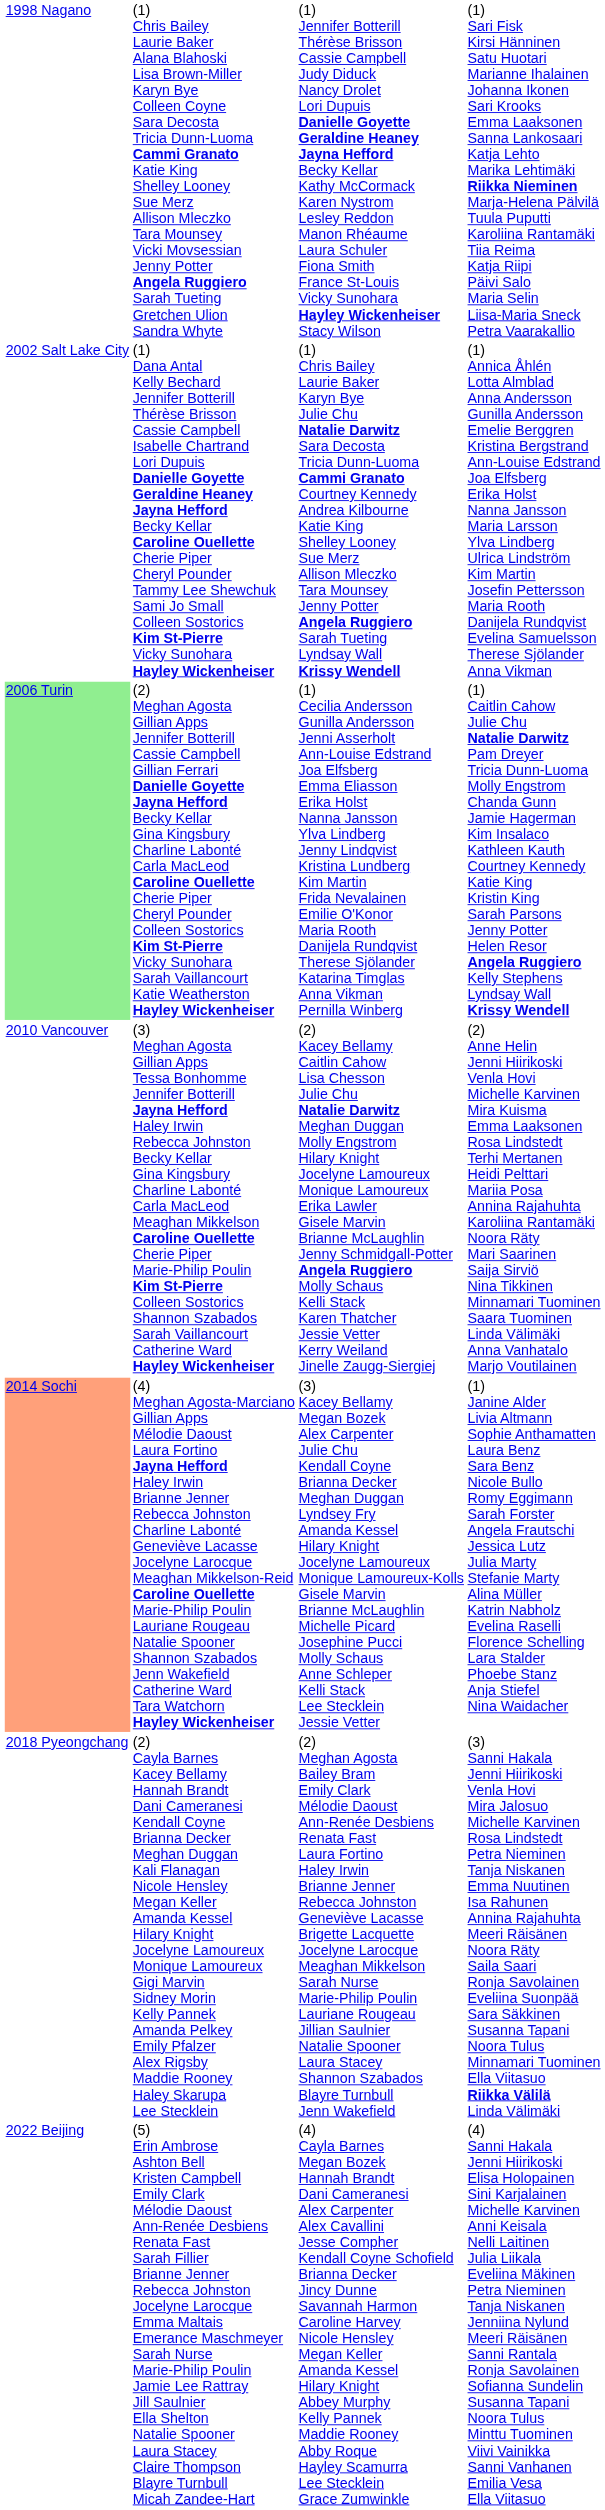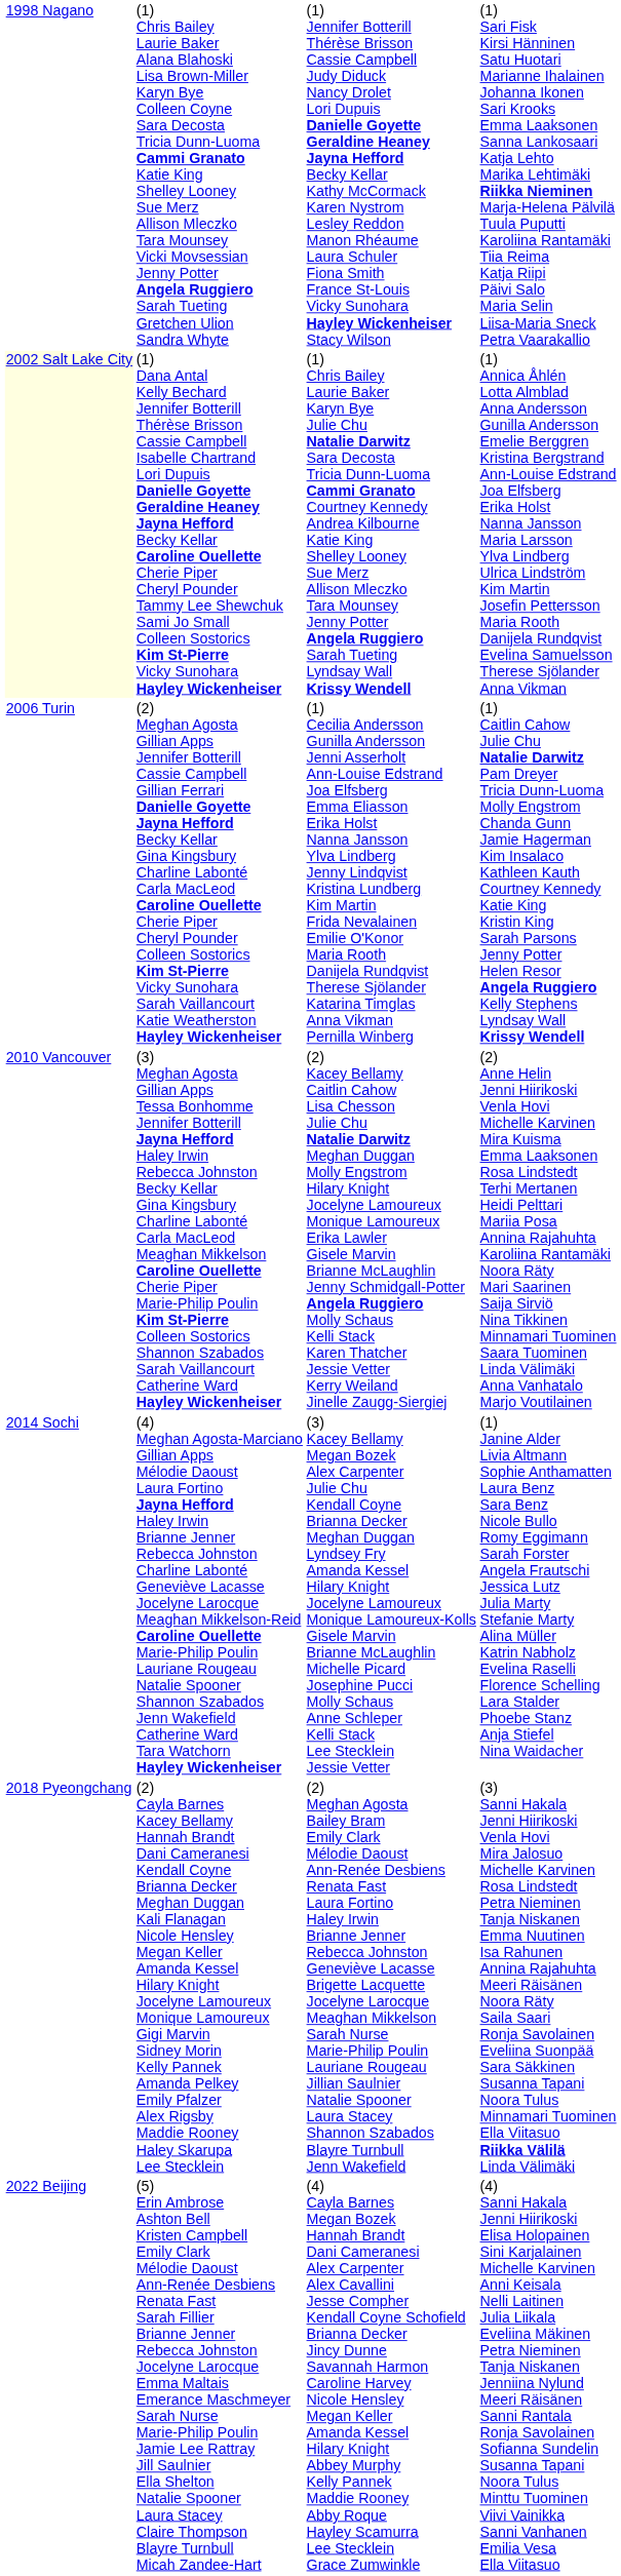 <table>
 <tr valign="top">
 <td><a href='#'>1998 Nagano</a><br></td>
 <td> (1)<br><a href='#'>Chris Bailey</a><br><a href='#'>Laurie Baker</a><br><a href='#'>Alana Blahoski</a><br><a href='#'>Lisa Brown-Miller</a><br><a href='#'>Karyn Bye</a><br><a href='#'>Colleen Coyne</a><br><a href='#'>Sara Decosta</a><br><a href='#'>Tricia Dunn-Luoma</a><br><strong><a href='#'>Cammi Granato</a></strong><br><a href='#'>Katie King</a><br><a href='#'>Shelley Looney</a><br><a href='#'>Sue Merz</a><br><a href='#'>Allison Mleczko</a><br><a href='#'>Tara Mounsey</a><br><a href='#'>Vicki Movsessian</a><br><a href='#'>Jenny Potter</a><br><strong><a href='#'>Angela Ruggiero</a></strong><br><a href='#'>Sarah Tueting</a><br><a href='#'>Gretchen Ulion</a><br><a href='#'>Sandra Whyte</a></td>
 <td> (1)<br><a href='#'>Jennifer Botterill</a><br><a href='#'>Thérèse Brisson</a><br><a href='#'>Cassie Campbell</a><br><a href='#'>Judy Diduck</a><br><a href='#'>Nancy Drolet</a><br><a href='#'>Lori Dupuis</a><br><strong><a href='#'>Danielle Goyette</a></strong><br><strong><a href='#'>Geraldine Heaney</a></strong><br><strong><a href='#'>Jayna Hefford</a></strong><br><a href='#'>Becky Kellar</a><br><a href='#'>Kathy McCormack</a><br><a href='#'>Karen Nystrom</a><br><a href='#'>Lesley Reddon</a><br><a href='#'>Manon Rhéaume</a><br><a href='#'>Laura Schuler</a><br><a href='#'>Fiona Smith</a><br><a href='#'>France St-Louis</a><br><a href='#'>Vicky Sunohara</a><br><strong><a href='#'>Hayley Wickenheiser</a></strong><br><a href='#'>Stacy Wilson</a></td>
 <td> (1)<br><a href='#'>Sari Fisk</a><br><a href='#'>Kirsi Hänninen</a><br><a href='#'>Satu Huotari</a><br><a href='#'>Marianne Ihalainen</a><br><a href='#'>Johanna Ikonen</a><br><a href='#'>Sari Krooks</a><br><a href='#'>Emma Laaksonen</a><br><a href='#'>Sanna Lankosaari</a><br><a href='#'>Katja Lehto</a><br><a href='#'>Marika Lehtimäki</a><br><strong><a href='#'>Riikka Nieminen</a></strong><br><a href='#'>Marja-Helena Pälvilä</a><br><a href='#'>Tuula Puputti</a><br><a href='#'>Karoliina Rantamäki</a><br><a href='#'>Tiia Reima</a><br><a href='#'>Katja Riipi</a><br><a href='#'>Päivi Salo</a><br><a href='#'>Maria Selin</a><br><a href='#'>Liisa-Maria Sneck</a><br><a href='#'>Petra Vaarakallio</a></td>
 </tr>
 <tr valign="top">
-<td><a href='#'>2002 Salt Lake City</a><br></td>
+<td style="background: lightyellow;"><a href='#'>2002 Salt Lake City</a><br></td>
 <td> (1)<br><a href='#'>Dana Antal</a><br><a href='#'>Kelly Bechard</a><br><a href='#'>Jennifer Botterill</a><br><a href='#'>Thérèse Brisson</a><br><a href='#'>Cassie Campbell</a><br><a href='#'>Isabelle Chartrand</a><br><a href='#'>Lori Dupuis</a><br><strong><a href='#'>Danielle Goyette</a></strong><br><strong><a href='#'>Geraldine Heaney</a></strong><br><strong><a href='#'>Jayna Hefford</a></strong><br><a href='#'>Becky Kellar</a><br><strong><a href='#'>Caroline Ouellette</a></strong><br><a href='#'>Cherie Piper</a><br><a href='#'>Cheryl Pounder</a><br><a href='#'>Tammy Lee Shewchuk</a><br><a href='#'>Sami Jo Small</a><br><a href='#'>Colleen Sostorics</a><br><strong><a href='#'>Kim St-Pierre</a></strong><br><a href='#'>Vicky Sunohara</a><br><strong><a href='#'>Hayley Wickenheiser</a></strong></td>
 <td> (1)<br><a href='#'>Chris Bailey</a><br><a href='#'>Laurie Baker</a><br><a href='#'>Karyn Bye</a><br><a href='#'>Julie Chu</a><br><strong><a href='#'>Natalie Darwitz</a></strong><br><a href='#'>Sara Decosta</a><br><a href='#'>Tricia Dunn-Luoma</a><br><strong><a href='#'>Cammi Granato</a></strong><br><a href='#'>Courtney Kennedy</a><br><a href='#'>Andrea Kilbourne</a><br><a href='#'>Katie King</a><br><a href='#'>Shelley Looney</a><br><a href='#'>Sue Merz</a><br><a href='#'>Allison Mleczko</a><br><a href='#'>Tara Mounsey</a><br><a href='#'>Jenny Potter</a><br><strong><a href='#'>Angela Ruggiero</a></strong><br><a href='#'>Sarah Tueting</a><br><a href='#'>Lyndsay Wall</a><br><strong><a href='#'>Krissy Wendell</a></strong></td>
 <td> (1)<br><a href='#'>Annica Åhlén</a><br><a href='#'>Lotta Almblad</a><br><a href='#'>Anna Andersson</a><br><a href='#'>Gunilla Andersson</a><br><a href='#'>Emelie Berggren</a><br><a href='#'>Kristina Bergstrand</a><br><a href='#'>Ann-Louise Edstrand</a><br><a href='#'>Joa Elfsberg</a><br><a href='#'>Erika Holst</a><br><a href='#'>Nanna Jansson</a><br><a href='#'>Maria Larsson</a><br><a href='#'>Ylva Lindberg</a><br><a href='#'>Ulrica Lindström</a><br><a href='#'>Kim Martin</a><br><a href='#'>Josefin Pettersson</a><br><a href='#'>Maria Rooth</a><br><a href='#'>Danijela Rundqvist</a><br><a href='#'>Evelina Samuelsson</a><br><a href='#'>Therese Sjölander</a><br><a href='#'>Anna Vikman</a></td>
 </tr>
 <tr valign="top">
-<td style="background: lightgreen;"><a href='#'>2006 Turin</a><br></td>
+<td><a href='#'>2006 Turin</a><br></td>
 <td valign=top> (2)<br><a href='#'>Meghan Agosta</a><br><a href='#'>Gillian Apps</a><br><a href='#'>Jennifer Botterill</a><br><a href='#'>Cassie Campbell</a><br><a href='#'>Gillian Ferrari</a><br><strong><a href='#'>Danielle Goyette</a></strong><br><strong><a href='#'>Jayna Hefford</a></strong><br><a href='#'>Becky Kellar</a><br><a href='#'>Gina Kingsbury</a><br><a href='#'>Charline Labonté</a><br><a href='#'>Carla MacLeod</a><br><strong><a href='#'>Caroline Ouellette</a></strong><br><a href='#'>Cherie Piper</a><br><a href='#'>Cheryl Pounder</a><br><a href='#'>Colleen Sostorics</a><br><strong><a href='#'>Kim St-Pierre</a></strong><br><a href='#'>Vicky Sunohara</a><br><a href='#'>Sarah Vaillancourt</a><br><a href='#'>Katie Weatherston</a><br><strong><a href='#'>Hayley Wickenheiser</a></strong></td>
 <td> (1)<br><a href='#'>Cecilia Andersson</a><br><a href='#'>Gunilla Andersson</a><br><a href='#'>Jenni Asserholt</a><br><a href='#'>Ann-Louise Edstrand</a><br><a href='#'>Joa Elfsberg</a><br><a href='#'>Emma Eliasson</a><br><a href='#'>Erika Holst</a><br><a href='#'>Nanna Jansson</a><br><a href='#'>Ylva Lindberg</a><br><a href='#'>Jenny Lindqvist</a><br><a href='#'>Kristina Lundberg</a><br><a href='#'>Kim Martin</a><br><a href='#'>Frida Nevalainen</a><br><a href='#'>Emilie O'Konor</a><br><a href='#'>Maria Rooth</a><br><a href='#'>Danijela Rundqvist</a><br><a href='#'>Therese Sjölander</a><br><a href='#'>Katarina Timglas</a><br><a href='#'>Anna Vikman</a><br><a href='#'>Pernilla Winberg</a></td>
 <td> (1)<br><a href='#'>Caitlin Cahow</a><br><a href='#'>Julie Chu</a><br><strong><a href='#'>Natalie Darwitz</a></strong><br><a href='#'>Pam Dreyer</a><br><a href='#'>Tricia Dunn-Luoma</a><br><a href='#'>Molly Engstrom</a><br><a href='#'>Chanda Gunn</a><br><a href='#'>Jamie Hagerman</a><br><a href='#'>Kim Insalaco</a><br><a href='#'>Kathleen Kauth</a><br><a href='#'>Courtney Kennedy</a><br><a href='#'>Katie King</a><br><a href='#'>Kristin King</a><br><a href='#'>Sarah Parsons</a><br><a href='#'>Jenny Potter</a><br><a href='#'>Helen Resor</a><br><strong><a href='#'>Angela Ruggiero</a></strong><br><a href='#'>Kelly Stephens</a><br><a href='#'>Lyndsay Wall</a><br><strong><a href='#'>Krissy Wendell</a></strong></td>
 </tr>
 <tr valign="top">
 <td><a href='#'>2010 Vancouver</a><br></td>
 <td> (3)<br><a href='#'>Meghan Agosta</a><br><a href='#'>Gillian Apps</a><br><a href='#'>Tessa Bonhomme</a><br><a href='#'>Jennifer Botterill</a><br><strong><a href='#'>Jayna Hefford</a></strong><br><a href='#'>Haley Irwin</a><br><a href='#'>Rebecca Johnston</a><br><a href='#'>Becky Kellar</a><br><a href='#'>Gina Kingsbury</a><br><a href='#'>Charline Labonté</a><br><a href='#'>Carla MacLeod</a><br><a href='#'>Meaghan Mikkelson</a><br><strong><a href='#'>Caroline Ouellette</a></strong><br><a href='#'>Cherie Piper</a><br><a href='#'>Marie-Philip Poulin</a><br><strong><a href='#'>Kim St-Pierre</a></strong><br><a href='#'>Colleen Sostorics</a><br><a href='#'>Shannon Szabados</a><br><a href='#'>Sarah Vaillancourt</a><br><a href='#'>Catherine Ward</a><br><strong><a href='#'>Hayley Wickenheiser</a></strong></td>
 <td> (2)<br><a href='#'>Kacey Bellamy</a><br><a href='#'>Caitlin Cahow</a><br><a href='#'>Lisa Chesson</a><br><a href='#'>Julie Chu</a><br><strong><a href='#'>Natalie Darwitz</a></strong><br><a href='#'>Meghan Duggan</a><br><a href='#'>Molly Engstrom</a><br><a href='#'>Hilary Knight</a><br><a href='#'>Jocelyne Lamoureux</a><br><a href='#'>Monique Lamoureux</a><br><a href='#'>Erika Lawler</a><br><a href='#'>Gisele Marvin</a><br><a href='#'>Brianne McLaughlin</a><br><a href='#'>Jenny Schmidgall-Potter</a><br><strong><a href='#'>Angela Ruggiero</a></strong><br><a href='#'>Molly Schaus</a><br><a href='#'>Kelli Stack</a><br><a href='#'>Karen Thatcher</a><br><a href='#'>Jessie Vetter</a><br><a href='#'>Kerry Weiland</a><br><a href='#'>Jinelle Zaugg-Siergiej</a></td>
 <td> (2)<br><a href='#'>Anne Helin</a><br><a href='#'>Jenni Hiirikoski</a><br><a href='#'>Venla Hovi</a><br><a href='#'>Michelle Karvinen</a><br><a href='#'>Mira Kuisma</a><br><a href='#'>Emma Laaksonen</a><br><a href='#'>Rosa Lindstedt</a><br><a href='#'>Terhi Mertanen</a><br><a href='#'>Heidi Pelttari</a><br><a href='#'>Mariia Posa</a><br><a href='#'>Annina Rajahuhta</a><br><a href='#'>Karoliina Rantamäki</a><br><a href='#'>Noora Räty</a><br><a href='#'>Mari Saarinen</a><br><a href='#'>Saija Sirviö</a><br><a href='#'>Nina Tikkinen</a><br><a href='#'>Minnamari Tuominen</a><br><a href='#'>Saara Tuominen</a><br><a href='#'>Linda Välimäki</a><br><a href='#'>Anna Vanhatalo</a><br><a href='#'>Marjo Voutilainen</a></td>
 </tr>
 <tr valign="top">
-<td style="background: lightsalmon;"><a href='#'>2014 Sochi</a><br></td>
+<td><a href='#'>2014 Sochi</a><br></td>
 <td> (4)<br><a href='#'>Meghan Agosta-Marciano</a><br><a href='#'>Gillian Apps</a><br><a href='#'>Mélodie Daoust</a><br><a href='#'>Laura Fortino</a><br><strong><a href='#'>Jayna Hefford</a></strong><br><a href='#'>Haley Irwin</a><br><a href='#'>Brianne Jenner</a><br><a href='#'>Rebecca Johnston</a><br><a href='#'>Charline Labonté</a><br><a href='#'>Geneviève Lacasse</a><br><a href='#'>Jocelyne Larocque</a><br><a href='#'>Meaghan Mikkelson-Reid</a><br><strong><a href='#'>Caroline Ouellette</a></strong><br><a href='#'>Marie-Philip Poulin</a><br><a href='#'>Lauriane Rougeau</a><br><a href='#'>Natalie Spooner</a><br><a href='#'>Shannon Szabados</a><br><a href='#'>Jenn Wakefield</a><br><a href='#'>Catherine Ward</a><br><a href='#'>Tara Watchorn</a><br><strong><a href='#'>Hayley Wickenheiser</a></strong></td>
 <td> (3)<br><a href='#'>Kacey Bellamy</a><br><a href='#'>Megan Bozek</a><br><a href='#'>Alex Carpenter</a><br><a href='#'>Julie Chu</a><br><a href='#'>Kendall Coyne</a><br><a href='#'>Brianna Decker</a><br><a href='#'>Meghan Duggan</a><br><a href='#'>Lyndsey Fry</a><br><a href='#'>Amanda Kessel</a><br><a href='#'>Hilary Knight</a><br><a href='#'>Jocelyne Lamoureux</a><br><a href='#'>Monique Lamoureux-Kolls</a><br><a href='#'>Gisele Marvin</a><br><a href='#'>Brianne McLaughlin</a><br><a href='#'>Michelle Picard</a><br><a href='#'>Josephine Pucci</a><br><a href='#'>Molly Schaus</a><br><a href='#'>Anne Schleper</a><br><a href='#'>Kelli Stack</a><br><a href='#'>Lee Stecklein</a><br><a href='#'>Jessie Vetter</a></td>
 <td> (1)<br><a href='#'>Janine Alder</a><br><a href='#'>Livia Altmann</a><br><a href='#'>Sophie Anthamatten</a><br><a href='#'>Laura Benz</a><br><a href='#'>Sara Benz</a><br><a href='#'>Nicole Bullo</a><br><a href='#'>Romy Eggimann</a><br><a href='#'>Sarah Forster</a><br><a href='#'>Angela Frautschi</a><br><a href='#'>Jessica Lutz</a><br><a href='#'>Julia Marty</a><br><a href='#'>Stefanie Marty</a><br><a href='#'>Alina Müller</a><br><a href='#'>Katrin Nabholz</a><br><a href='#'>Evelina Raselli</a><br><a href='#'>Florence Schelling</a><br><a href='#'>Lara Stalder</a><br><a href='#'>Phoebe Stanz</a><br><a href='#'>Anja Stiefel</a><br><a href='#'>Nina Waidacher</a><br> </td>
 </tr>
 <tr valign="top">
 <td><a href='#'>2018 Pyeongchang</a><br></td>
 <td> (2)<br><a href='#'>Cayla Barnes</a><br><a href='#'>Kacey Bellamy</a><br><a href='#'>Hannah Brandt</a><br><a href='#'>Dani Cameranesi</a><br><a href='#'>Kendall Coyne</a><br><a href='#'>Brianna Decker</a><br><a href='#'>Meghan Duggan</a><br><a href='#'>Kali Flanagan</a><br><a href='#'>Nicole Hensley</a><br><a href='#'>Megan Keller</a><br><a href='#'>Amanda Kessel</a><br><a href='#'>Hilary Knight</a><br><a href='#'>Jocelyne Lamoureux</a><br><a href='#'>Monique Lamoureux</a><br><a href='#'>Gigi Marvin</a><br><a href='#'>Sidney Morin</a><br><a href='#'>Kelly Pannek</a><br><a href='#'>Amanda Pelkey</a><br><a href='#'>Emily Pfalzer</a><br><a href='#'>Alex Rigsby</a><br><a href='#'>Maddie Rooney</a><br><a href='#'>Haley Skarupa</a><br><a href='#'>Lee Stecklein</a></td>
 <td> (2)<br><a href='#'>Meghan Agosta</a><br><a href='#'>Bailey Bram</a><br><a href='#'>Emily Clark</a><br><a href='#'>Mélodie Daoust</a><br><a href='#'>Ann-Renée Desbiens</a><br><a href='#'>Renata Fast</a><br><a href='#'>Laura Fortino</a><br><a href='#'>Haley Irwin</a><br><a href='#'>Brianne Jenner</a><br><a href='#'>Rebecca Johnston</a><br><a href='#'>Geneviève Lacasse</a><br><a href='#'>Brigette Lacquette</a><br><a href='#'>Jocelyne Larocque</a><br><a href='#'>Meaghan Mikkelson</a><br><a href='#'>Sarah Nurse</a><br><a href='#'>Marie-Philip Poulin</a><br><a href='#'>Lauriane Rougeau</a><br><a href='#'>Jillian Saulnier</a><br><a href='#'>Natalie Spooner</a><br><a href='#'>Laura Stacey</a><br><a href='#'>Shannon Szabados</a><br><a href='#'>Blayre Turnbull</a><br><a href='#'>Jenn Wakefield</a></td>
 <td> (3)<br><a href='#'>Sanni Hakala</a><br><a href='#'>Jenni Hiirikoski</a><br><a href='#'>Venla Hovi</a><br><a href='#'>Mira Jalosuo</a><br><a href='#'>Michelle Karvinen</a><br><a href='#'>Rosa Lindstedt</a><br><a href='#'>Petra Nieminen</a><br><a href='#'>Tanja Niskanen</a><br><a href='#'>Emma Nuutinen</a><br><a href='#'>Isa Rahunen</a><br><a href='#'>Annina Rajahuhta</a><br><a href='#'>Meeri Räisänen</a><br><a href='#'>Noora Räty</a><br><a href='#'>Saila Saari</a><br><a href='#'>Ronja Savolainen</a><br><a href='#'>Eveliina Suonpää</a><br><a href='#'>Sara Säkkinen</a><br><a href='#'>Susanna Tapani</a><br><a href='#'>Noora Tulus</a><br><a href='#'>Minnamari Tuominen</a><br><a href='#'>Ella Viitasuo</a><br><strong><a href='#'>Riikka Välilä</a></strong><br><a href='#'>Linda Välimäki</a></td>
 </tr>
 <tr valign="top">
 <td><a href='#'>2022 Beijing</a> <br></td>
 <td> (5)<br><a href='#'>Erin Ambrose</a><br><a href='#'>Ashton Bell</a><br><a href='#'>Kristen Campbell</a><br><a href='#'>Emily Clark</a><br><a href='#'>Mélodie Daoust</a><br><a href='#'>Ann-Renée Desbiens</a><br><a href='#'>Renata Fast</a><br><a href='#'>Sarah Fillier</a><br><a href='#'>Brianne Jenner</a><br><a href='#'>Rebecca Johnston</a><br><a href='#'>Jocelyne Larocque</a><br><a href='#'>Emma Maltais</a><br><a href='#'>Emerance Maschmeyer</a><br><a href='#'>Sarah Nurse</a><br><a href='#'>Marie-Philip Poulin</a><br><a href='#'>Jamie Lee Rattray</a><br><a href='#'>Jill Saulnier</a><br><a href='#'>Ella Shelton</a><br><a href='#'>Natalie Spooner</a><br><a href='#'>Laura Stacey</a><br><a href='#'>Claire Thompson</a><br><a href='#'>Blayre Turnbull</a><br><a href='#'>Micah Zandee-Hart</a></td>
 <td> (4)<br><a href='#'>Cayla Barnes</a><br><a href='#'>Megan Bozek</a><br><a href='#'>Hannah Brandt</a><br><a href='#'>Dani Cameranesi</a><br><a href='#'>Alex Carpenter</a><br><a href='#'>Alex Cavallini</a><br><a href='#'>Jesse Compher</a><br><a href='#'>Kendall Coyne Schofield</a><br><a href='#'>Brianna Decker</a><br><a href='#'>Jincy Dunne</a><br><a href='#'>Savannah Harmon</a><br><a href='#'>Caroline Harvey</a><br><a href='#'>Nicole Hensley</a><br><a href='#'>Megan Keller</a><br><a href='#'>Amanda Kessel</a><br><a href='#'>Hilary Knight</a><br><a href='#'>Abbey Murphy</a><br><a href='#'>Kelly Pannek</a><br><a href='#'>Maddie Rooney</a><br><a href='#'>Abby Roque</a><br><a href='#'>Hayley Scamurra</a><br><a href='#'>Lee Stecklein</a><br><a href='#'>Grace Zumwinkle</a></td>
 <td> (4)<br><a href='#'>Sanni Hakala</a><br><a href='#'>Jenni Hiirikoski</a><br><a href='#'>Elisa Holopainen</a><br><a href='#'>Sini Karjalainen</a><br><a href='#'>Michelle Karvinen</a><br><a href='#'>Anni Keisala</a><br><a href='#'>Nelli Laitinen</a><br><a href='#'>Julia Liikala</a><br><a href='#'>Eveliina Mäkinen</a><br><a href='#'>Petra Nieminen</a><br><a href='#'>Tanja Niskanen</a><br><a href='#'>Jenniina Nylund</a><br><a href='#'>Meeri Räisänen</a><br><a href='#'>Sanni Rantala</a><br><a href='#'>Ronja Savolainen</a><br><a href='#'>Sofianna Sundelin</a><br><a href='#'>Susanna Tapani</a><br><a href='#'>Noora Tulus</a><br><a href='#'>Minttu Tuominen</a><br><a href='#'>Viivi Vainikka</a><br><a href='#'>Sanni Vanhanen</a><br><a href='#'>Emilia Vesa</a><br><a href='#'>Ella Viitasuo</a></td>
 </tr>
 </table>
